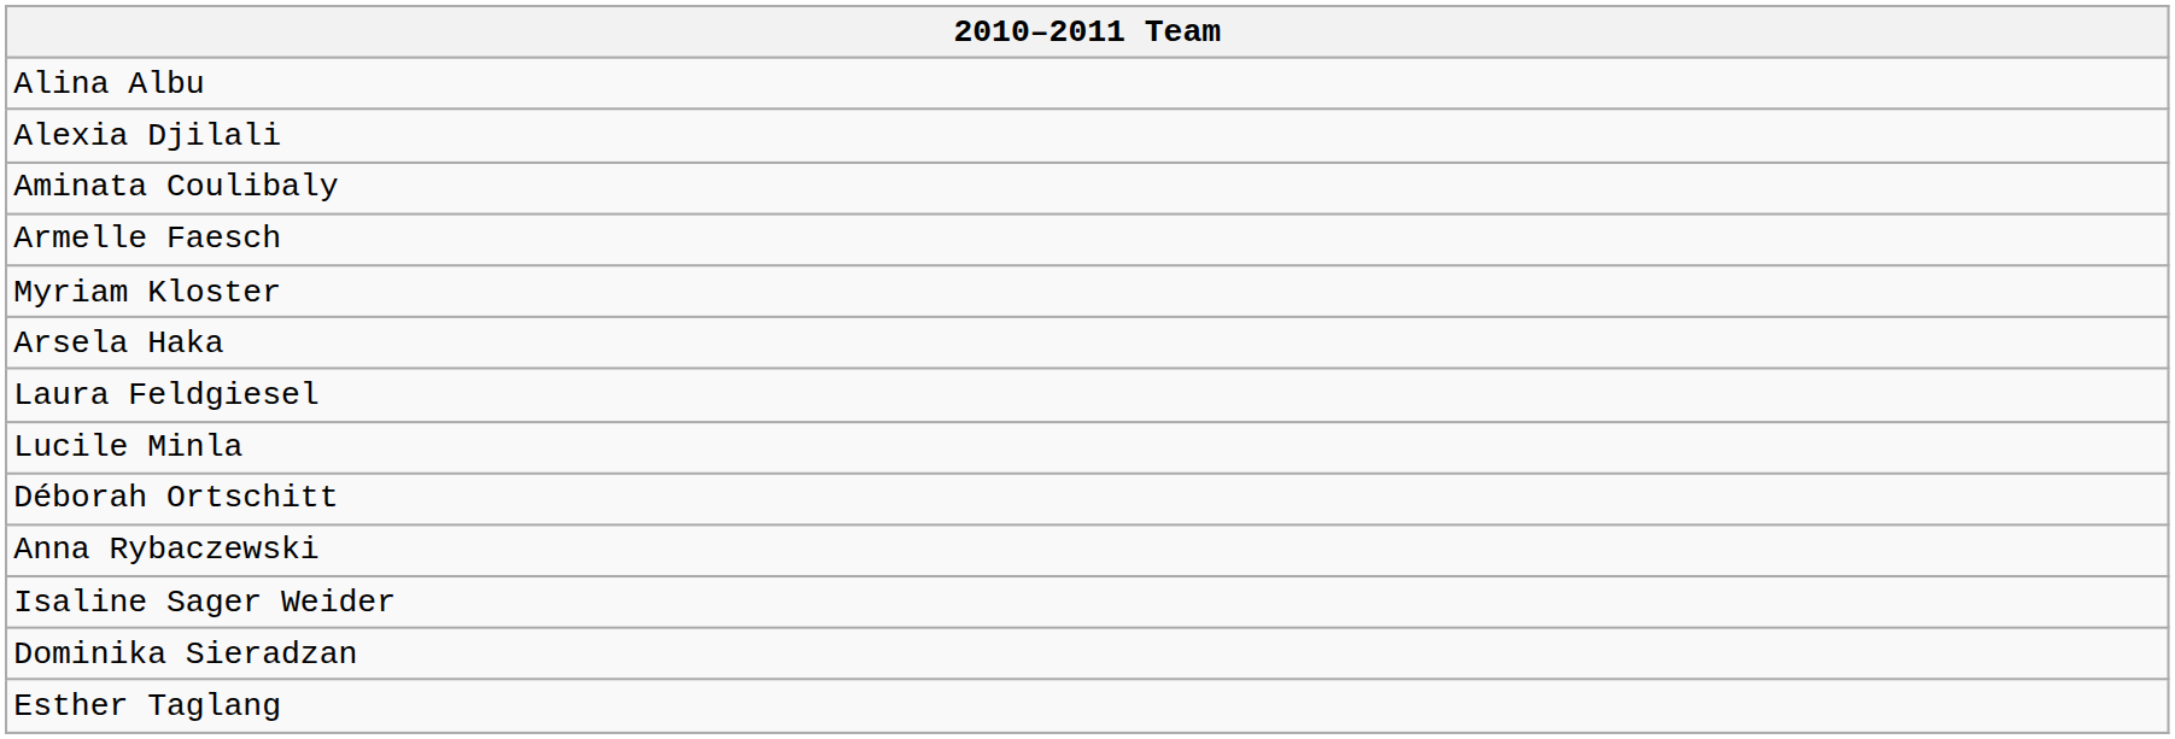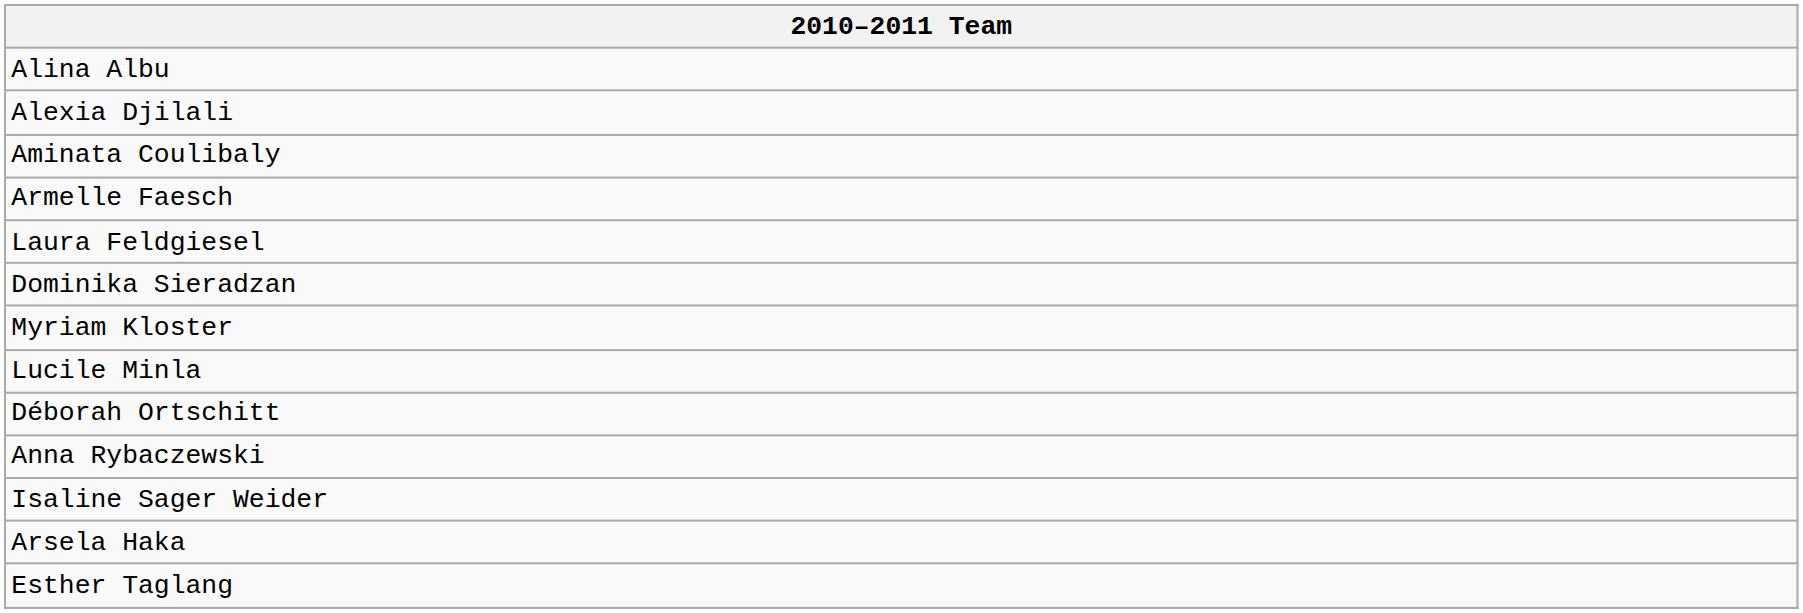 <table class="wikitable collapsible collapsed" style="width:100%;">
 <tr>
 <th colspan=1><strong>2010–2011 Team</strong></th>
 </tr>
 <tr>
 <td> Alina Albu</td>
 </tr>
 <tr>
 <td> Alexia Djilali</td>
 </tr>
 <tr>
 <td> Aminata Coulibaly</td>
 </tr>
 <tr>
 <td> Armelle Faesch</td>
 </tr>
 <tr>
-<td> Myriam Kloster</td>
+<td> Laura Feldgiesel</td>
 </tr>
 <tr>
-<td> Arsela Haka</td>
+<td> Dominika Sieradzan</td>
 </tr>
 <tr>
-<td> Laura Feldgiesel</td>
+<td> Myriam Kloster</td>
 </tr>
 <tr>
 <td> Lucile Minla</td>
 </tr>
 <tr>
 <td> Déborah Ortschitt</td>
 </tr>
 <tr>
 <td> Anna Rybaczewski</td>
 </tr>
 <tr>
 <td> Isaline Sager Weider</td>
 </tr>
 <tr>
-<td> Dominika Sieradzan</td>
+<td> Arsela Haka</td>
 </tr>
 <tr>
 <td> Esther Taglang</td>
 </tr>
 </table>
